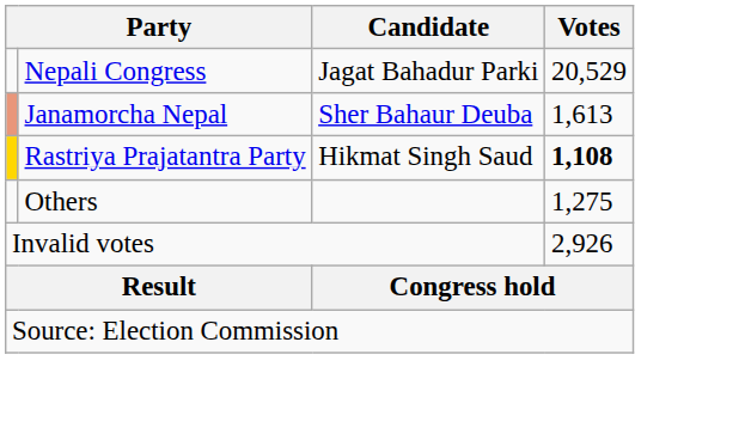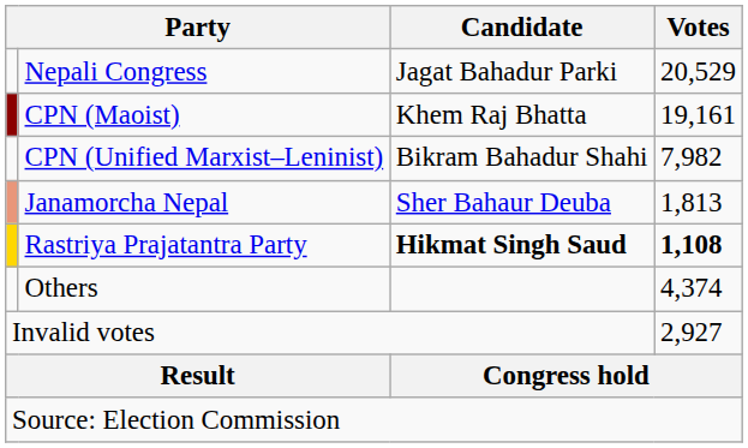 <table class="wikitable">
 <tr>
 <th colspan="2">Party</th>
 <th>Candidate</th>
 <th>Votes</th>
 </tr>
 <tr>
 <td style="background-color:"></td>
 <td><a href='#'>Nepali Congress</a></td>
 <td>Jagat Bahadur Parki</td>
 <td>20,529</td>
 </tr>
 <tr>
+<td style="background-color:darkred"></td>
+<td><a href='#'>CPN (Maoist)</a></td>
+<td>Khem Raj Bhatta</td>
+<td>19,161</td>
+</tr>
+<tr>
+<td style="background-color:"></td>
+<td><a href='#'>CPN (Unified Marxist–Leninist)</a></td>
+<td>Bikram Bahadur Shahi</td>
+<td>7,982</td>
+</tr>
+<tr>
 <td style="background-color:darksalmon"></td>
 <td><a href='#'>Janamorcha Nepal</a></td>
 <td><a href='#'>Sher Bahaur Deuba</a></td>
-<td>1,613</td>
+<td>1,813</td>
 </tr>
 <tr>
 <td style="background-color:gold"></td>
 <td><a href='#'>Rastriya Prajatantra Party</a></td>
-<td>Hikmat Singh Saud</td>
+<td><strong>Hikmat Singh Saud</strong></td>
 <td><strong>1,108</strong></td>
 </tr>
 <tr>
 <td></td>
 <td>Others</td>
 <td></td>
-<td>1,275</td>
+<td>4,374</td>
 </tr>
 <tr>
 <td colspan="3">Invalid votes</td>
-<td>2,926</td>
+<td>2,927</td>
 </tr>
 <tr>
 <th colspan="2">Result</th>
 <th colspan="2">Congress hold</th>
 </tr>
 <tr>
 <td colspan="4">Source: Election Commission</td>
 </tr>
 </table>
